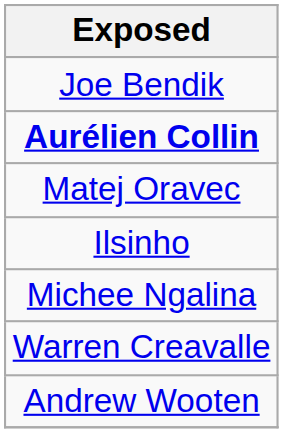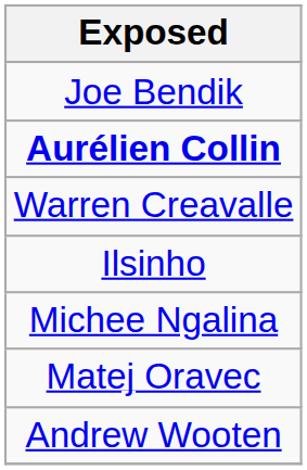 <table class="wikitable" style="text-align:center">
 <tr>
 <th>Exposed</th>
 </tr>
 <tr>
 <td><a href='#'>Joe Bendik</a></td>
 </tr>
 <tr>
 <td><strong><a href='#'>Aurélien Collin</a></strong></td>
 </tr>
 <tr>
-<td><a href='#'>Matej Oravec</a></td>
+<td><a href='#'>Warren Creavalle</a></td>
 </tr>
 <tr>
 <td><a href='#'>Ilsinho</a></td>
 </tr>
 <tr>
 <td><a href='#'>Michee Ngalina</a></td>
 </tr>
 <tr>
-<td><a href='#'>Warren Creavalle</a></td>
+<td><a href='#'>Matej Oravec</a></td>
 </tr>
 <tr>
 <td><a href='#'>Andrew Wooten</a></td>
 </tr>
 <tr>
 </tr>
 </table>
